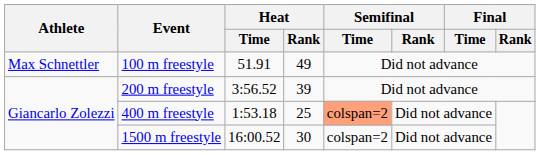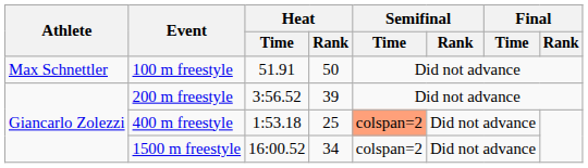 <table class=wikitable style="font-size:90%">
 <tr>
 <th rowspan="2">Athlete</th>
 <th rowspan="2">Event</th>
 <th colspan="2">Heat</th>
 <th colspan="2">Semifinal</th>
 <th colspan="2">Final</th>
 </tr>
 <tr style="font-size:95%">
 <th>Time</th>
 <th>Rank</th>
 <th>Time</th>
 <th>Rank</th>
 <th>Time</th>
 <th>Rank</th>
 </tr>
 <tr align=center>
 <td align=left><a href='#'>Max Schnettler</a></td>
 <td align=left><a href='#'>100 m freestyle</a></td>
 <td>51.91</td>
-<td>49</td>
+<td>50</td>
 <td colspan=4>Did not advance</td>
 </tr>
 <tr align=center>
 <td align=left rowspan=3><a href='#'>Giancarlo Zolezzi</a></td>
 <td align=left><a href='#'>200 m freestyle</a></td>
 <td>3:56.52</td>
 <td>39</td>
 <td colspan=4>Did not advance</td>
 </tr>
 <tr align=center>
 <td align=left><a href='#'>400 m freestyle</a></td>
 <td>1:53.18</td>
 <td>25</td>
 <td style="background: lightsalmon;">colspan=2 </td>
 <td colspan=2>Did not advance</td>
 </tr>
 <tr align=center>
 <td align=left><a href='#'>1500 m freestyle</a></td>
 <td>16:00.52</td>
-<td>30</td>
+<td>34</td>
 <td>colspan=2 </td>
 <td colspan=2>Did not advance</td>
 </tr>
 </table>
